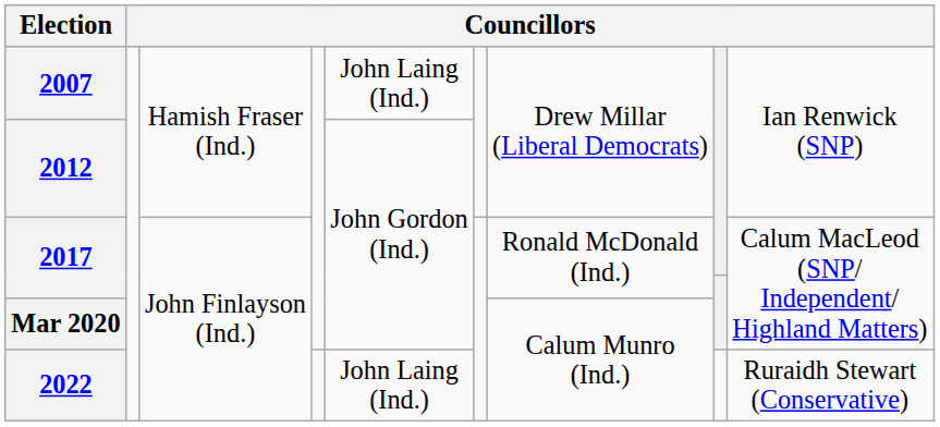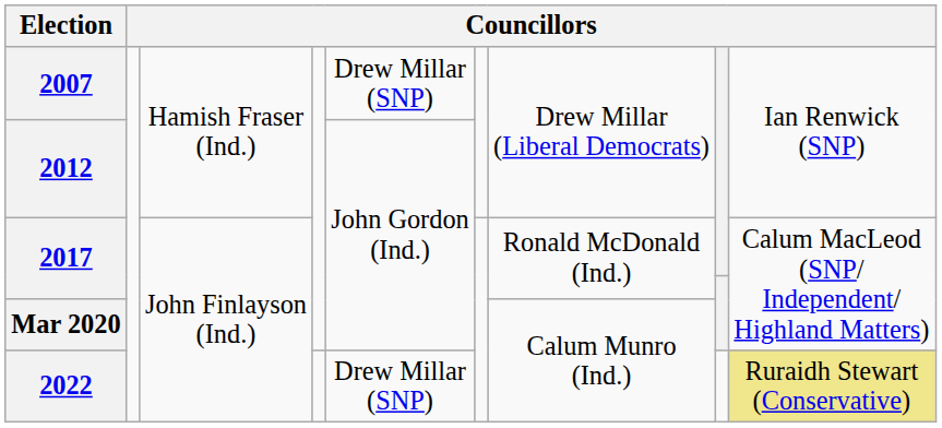 <table class="wikitable" style="text-align:center">
 <tr>
 <th>Election</th>
 <th colspan=8>Councillors</th>
 </tr>
 <tr>
 <th><a href='#'>2007</a></th>
 <td rowspan=6; style="background-color: "></td>
 <td rowspan=2>Hamish Fraser<br>(Ind.)</td>
 <td rowspan=5; style="background-color: "></td>
-<td rowspan=1>John Laing<br>(Ind.)</td>
+<td rowspan=1>Drew Millar<br>(<a href='#'>SNP</a>)</td>
 <td rowspan=2; style="background-color: "></td>
 <td rowspan=2>Drew Millar<br>(<a href='#'>Liberal Democrats</a>)</td>
 <th rowspan="3" ; style="height: 130px; background-color: "></th>
 <td rowspan=2>Ian Renwick<br>(<a href='#'>SNP</a>)</td>
 </tr>
 <tr>
 <th><a href='#'>2012</a></th>
 <td rowspan=4>John Gordon<br>(Ind.)</td>
 </tr>
 <tr>
 <th rowspan="2"><a href='#'>2017</a></th>
 <td rowspan=4>John Finlayson<br>(Ind.)</td>
 <td rowspan=4; style="background-color: "></td>
 <td rowspan=2>Ronald McDonald<br>(Ind.)</td>
 <td rowspan="3">Calum MacLeod <br>(<a href='#'>SNP</a>/<br><a href='#'>Independent</a>/<br><a href='#'>Highland Matters</a>)</td>
 </tr>
 <tr>
 <th rowspan="2" ; style="height: 10px; background-color: "></th>
 </tr>
 <tr>
 <th>Mar 2020</th>
 <td rowspan=2>Calum Munro<br>(Ind.)</td>
 </tr>
 <tr>
 <th><a href='#'>2022</a></th>
 <td rowspan=1; style="background-color: "></td>
-<td rowspan=1>John Laing<br>(Ind.)</td>
+<td rowspan=1>Drew Millar<br>(<a href='#'>SNP</a>)</td>
 <td rowspan=1; style="background-color: "></td>
-<td rowspan=1>Ruraidh Stewart<br>(<a href='#'>Conservative</a>)</td>
+<td rowspan=1 style="background: khaki;">Ruraidh Stewart<br>(<a href='#'>Conservative</a>)</td>
 </tr>
 </table>
